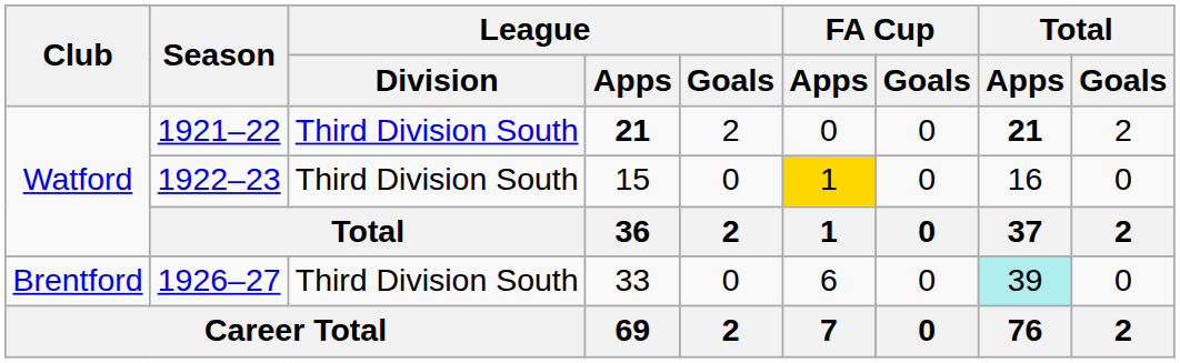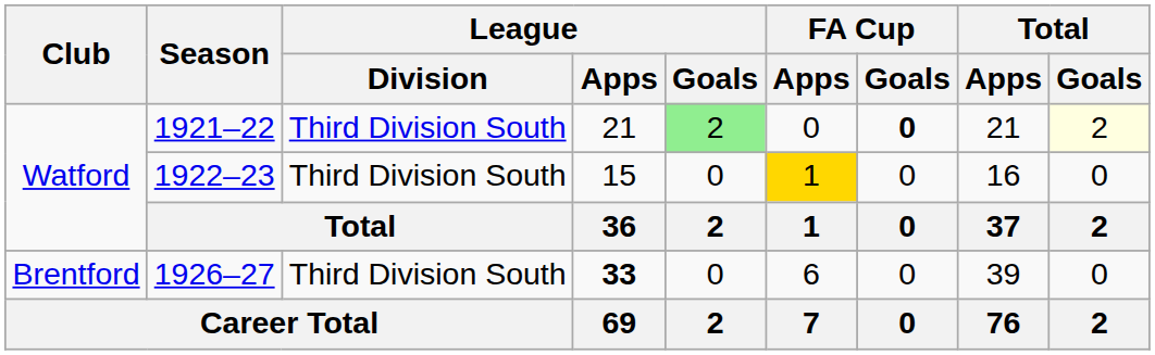 <table class="wikitable" style="text-align: center;">
 <tr>
 <th rowspan="2">Club</th>
 <th rowspan="2">Season</th>
 <th colspan="3">League</th>
 <th colspan="2">FA Cup</th>
 <th colspan="2">Total</th>
 </tr>
 <tr>
 <th>Division</th>
 <th>Apps</th>
 <th>Goals</th>
 <th>Apps</th>
 <th>Goals</th>
 <th>Apps</th>
 <th>Goals</th>
 </tr>
 <tr>
 <td rowspan="3"><a href='#'>Watford</a></td>
 <td><a href='#'>1921–22</a></td>
 <td><a href='#'>Third Division South</a></td>
-<td><strong>21</strong></td>
-<td>2</td>
+<td>21</td>
+<td style="background: lightgreen;">2</td>
 <td>0</td>
-<td>0</td>
-<td><strong>21</strong></td>
-<td>2</td>
+<td><strong>0</strong></td>
+<td>21</td>
+<td style="background: lightyellow;">2</td>
 </tr>
 <tr>
 <td><a href='#'>1922–23</a></td>
 <td>Third Division South</td>
 <td>15</td>
 <td>0</td>
 <td style="background: gold;">1</td>
 <td>0</td>
 <td>16</td>
 <td>0</td>
 </tr>
 <tr>
 <th colspan="2">Total</th>
 <th>36</th>
 <th>2</th>
 <th>1</th>
 <th>0</th>
 <th>37</th>
 <th>2</th>
 </tr>
 <tr>
 <td><a href='#'>Brentford</a></td>
 <td><a href='#'>1926–27</a></td>
 <td>Third Division South</td>
-<td>33</td>
+<td><strong>33</strong></td>
 <td>0</td>
 <td>6</td>
 <td>0</td>
-<td style="background: paleturquoise;">39</td>
+<td>39</td>
 <td>0</td>
 </tr>
 <tr>
 <th colspan="3">Career Total</th>
 <th>69</th>
 <th>2</th>
 <th>7</th>
 <th>0</th>
 <th>76</th>
 <th>2</th>
 </tr>
 </table>
